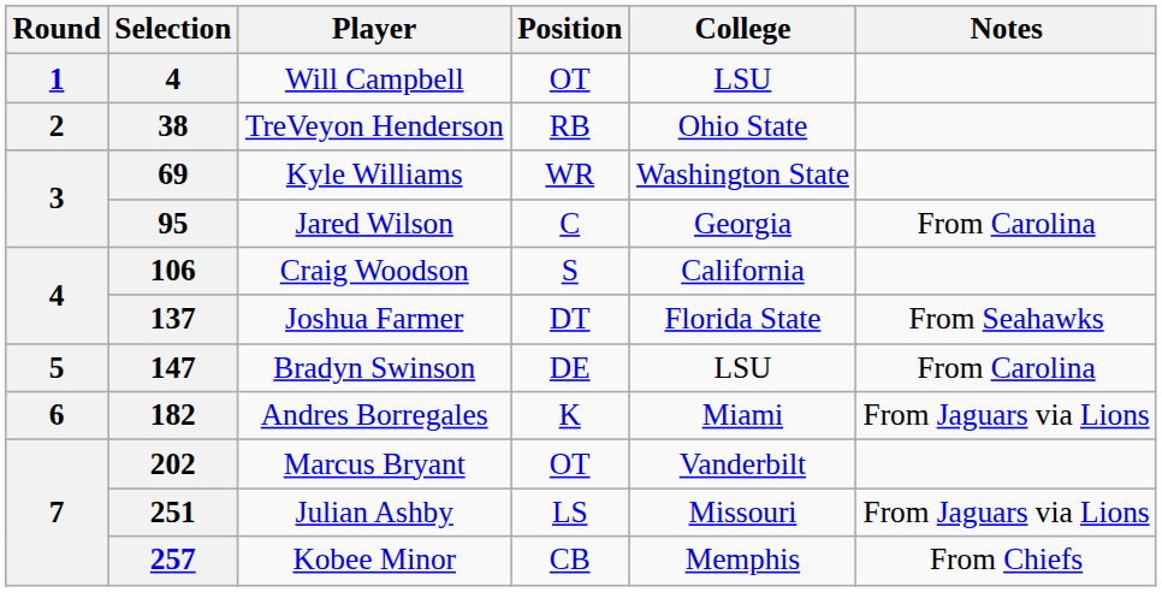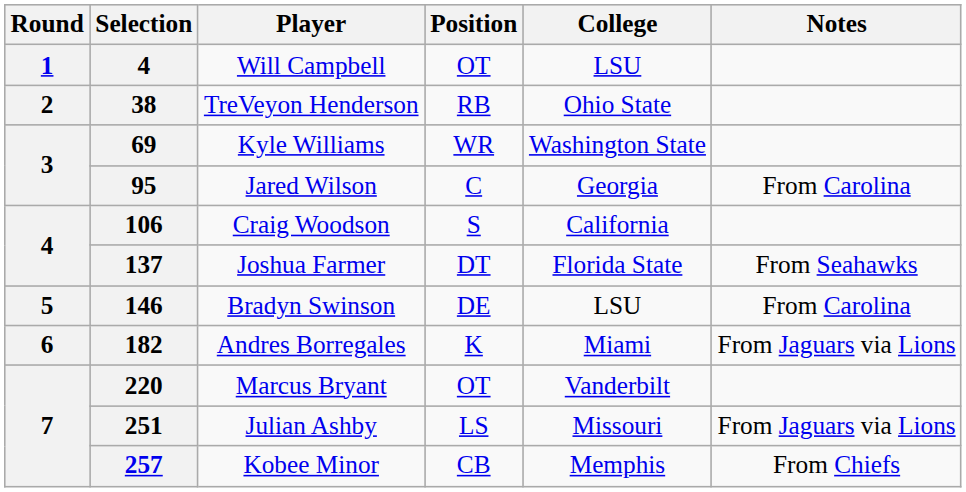 <table class="wikitable" style="text-align:center">
 <tr>
 <th>Round</th>
 <th>Selection</th>
 <th>Player</th>
 <th>Position</th>
 <th>College</th>
 <th>Notes</th>
 </tr>
 <tr>
 <th><a href='#'>1</a></th>
 <th>4</th>
 <td><a href='#'>Will Campbell</a></td>
 <td><a href='#'>OT</a></td>
 <td><a href='#'>LSU</a></td>
 <td></td>
 </tr>
 <tr>
 <th>2</th>
 <th>38</th>
 <td><a href='#'>TreVeyon Henderson</a></td>
 <td><a href='#'>RB</a></td>
 <td><a href='#'>Ohio State</a></td>
 <td></td>
 </tr>
 <tr>
 <th rowspan=2>3</th>
 <th>69</th>
 <td><a href='#'>Kyle Williams</a></td>
 <td><a href='#'>WR</a></td>
 <td><a href='#'>Washington State</a></td>
 <td></td>
 </tr>
 <tr>
 <th>95</th>
 <td><a href='#'>Jared Wilson</a></td>
 <td><a href='#'>C</a></td>
 <td><a href='#'>Georgia</a></td>
 <td>From <a href='#'>Carolina</a></td>
 </tr>
 <tr>
 <th rowspan=2>4</th>
 <th>106</th>
 <td><a href='#'>Craig Woodson</a></td>
 <td><a href='#'>S</a></td>
 <td><a href='#'>California</a></td>
 <td></td>
 </tr>
 <tr>
 <th>137</th>
 <td><a href='#'>Joshua Farmer</a></td>
 <td><a href='#'>DT</a></td>
 <td><a href='#'>Florida State</a></td>
 <td>From <a href='#'>Seahawks</a></td>
 </tr>
 <tr>
 <th>5</th>
-<th>147</th>
+<th>146</th>
 <td><a href='#'>Bradyn Swinson</a></td>
 <td><a href='#'>DE</a></td>
 <td>LSU</td>
 <td>From <a href='#'>Carolina</a></td>
 </tr>
 <tr>
 <th>6</th>
 <th>182</th>
 <td><a href='#'>Andres Borregales</a></td>
 <td><a href='#'>K</a></td>
 <td><a href='#'>Miami</a></td>
 <td>From <a href='#'>Jaguars</a> via <a href='#'>Lions</a></td>
 </tr>
 <tr>
 <th rowspan="5">7</th>
-<th>202</th>
+<th>220</th>
 <td><a href='#'>Marcus Bryant</a></td>
 <td><a href='#'>OT</a></td>
 <td><a href='#'>Vanderbilt</a></td>
 <td></td>
 </tr>
 <tr>
 <th>251</th>
 <td><a href='#'>Julian Ashby</a></td>
 <td><a href='#'>LS</a></td>
 <td><a href='#'>Missouri</a></td>
 <td>From <a href='#'>Jaguars</a> via <a href='#'>Lions</a></td>
 </tr>
 <tr>
 <th><a href='#'>257</a></th>
 <td><a href='#'>Kobee Minor</a></td>
 <td><a href='#'>CB</a></td>
 <td><a href='#'>Memphis</a></td>
 <td>From <a href='#'>Chiefs</a></td>
 </tr>
 </table>
